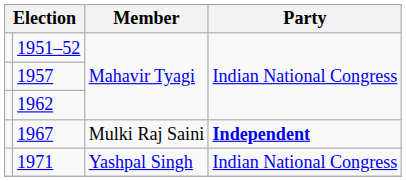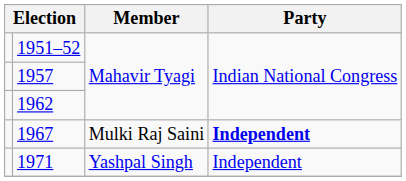 <table class="wikitable sortable">
 <tr>
 <th colspan="2">Election</th>
 <th>Member</th>
 <th>Party</th>
 </tr>
 <tr>
 <td style="background-color: "></td>
 <td><a href='#'>1951–52</a></td>
 <td rowspan=3><a href='#'>Mahavir Tyagi</a></td>
 <td rowspan=3><a href='#'>Indian National Congress</a></td>
 </tr>
 <tr>
 <td style="background-color: "></td>
 <td><a href='#'>1957</a></td>
 </tr>
 <tr>
 <td style="background-color: "></td>
 <td><a href='#'>1962</a></td>
 </tr>
 <tr>
 <td style="background-color: "></td>
 <td><a href='#'>1967</a></td>
 <td>Mulki Raj Saini</td>
 <td><strong><a href='#'>Independent</a></strong></td>
 </tr>
 <tr>
 <td style="background-color: "></td>
 <td><a href='#'>1971</a></td>
 <td><a href='#'>Yashpal Singh</a></td>
-<td><a href='#'>Indian National Congress</a></td>
+<td><a href='#'>Independent</a></td>
 </tr>
 <tr>
 </tr>
 </table>
